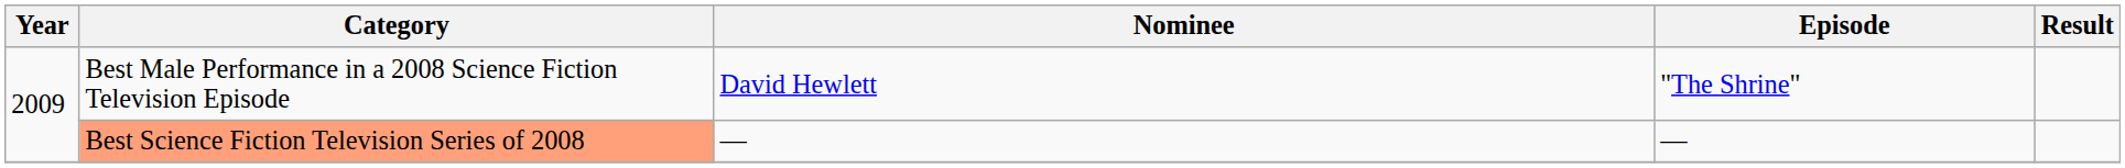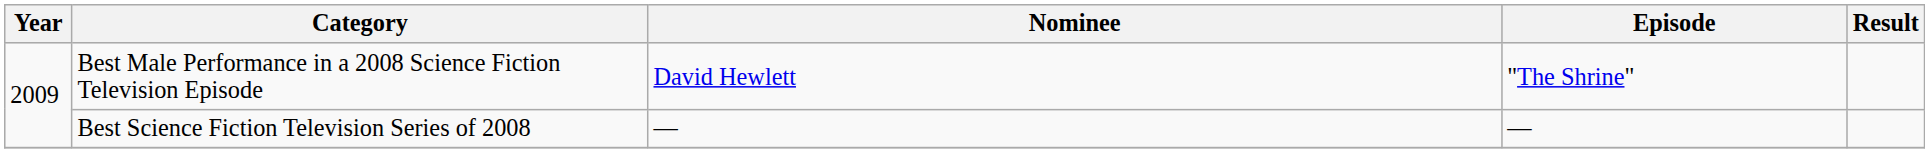 <table class="wikitable" | width="100%">
 <tr>
 <th width="3.5%">Year</th>
 <th width="30%">Category</th>
 <th>Nominee</th>
 <th width="18%">Episode</th>
 <th width="3.5%">Result</th>
 </tr>
 <tr>
 <td rowspan=2>2009</td>
 <td>Best Male Performance in a 2008 Science Fiction Television Episode</td>
 <td><a href='#'>David Hewlett</a></td>
 <td>"<a href='#'>The Shrine</a>"</td>
 <td></td>
 </tr>
 <tr>
-<td style="background: lightsalmon;">Best Science Fiction Television Series of 2008</td>
+<td>Best Science Fiction Television Series of 2008</td>
 <td>—</td>
 <td>—</td>
 <td></td>
 </tr>
 <tr>
 </tr>
 </table>
